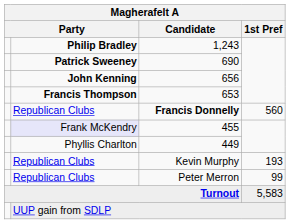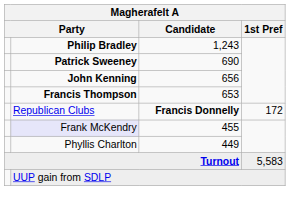 <table class="wikitable">
 <tr>
 <th colspan="4" align="center">Magherafelt A</th>
 </tr>
 <tr>
 <th colspan="2" align="center" width=200>Party</th>
 <th width=150>Candidate</th>
 <th width=60>1st Pref</th>
 </tr>
 <tr>
 <td></td>
 <td align="right"><strong>Philip Bradley</strong></td>
 <td align="right">1,243</td>
 </tr>
 <tr>
 <td></td>
 <td align="right"><strong>Patrick Sweeney</strong></td>
 <td align="right">690</td>
 </tr>
 <tr>
 <td></td>
 <td align="right"><strong>John Kenning</strong></td>
 <td align="right">656</td>
 </tr>
 <tr>
 <td></td>
 <td align="right"><strong>Francis Thompson</strong></td>
 <td align="right">653</td>
 </tr>
 <tr>
 <td style="background-color: "></td>
 <td><a href='#'>Republican Clubs</a></td>
 <td align="right"><strong>Francis Donnelly</strong></td>
-<td align="right">560</td>
+<td align="right">172</td>
 </tr>
 <tr>
 <td></td>
 <td align="right" style="background: lavender;">Frank McKendry</td>
 <td align="right">455</td>
 </tr>
 <tr>
 <td></td>
 <td align="right">Phyllis Charlton</td>
 <td align="right">449</td>
 </tr>
-<tr>
-<td style="background-color: "></td>
-<td><a href='#'>Republican Clubs</a></td>
-<td align="right">Kevin Murphy</td>
-<td align="right">193</td>
-</tr>
-<tr>
-<td style="background-color: "></td>
-<td><a href='#'>Republican Clubs</a></td>
-<td align="right">Peter Merron</td>
-<td align="right">99</td>
-</tr>
 <tr bgcolor="EEEEEE">
 <td colspan=3 align="right"><strong><a href='#'>Turnout</a></strong></td>
 <td align="right">5,583</td>
 </tr>
 <tr>
 <td bgcolor=></td>
 <td colspan=3 bgcolor="EEEEEE"><a href='#'>UUP</a> gain from <a href='#'>SDLP</a></td>
 </tr>
 </table>
